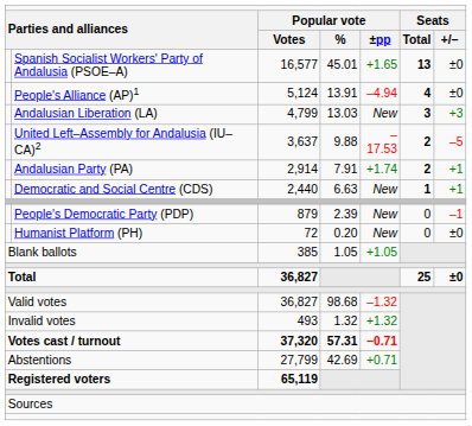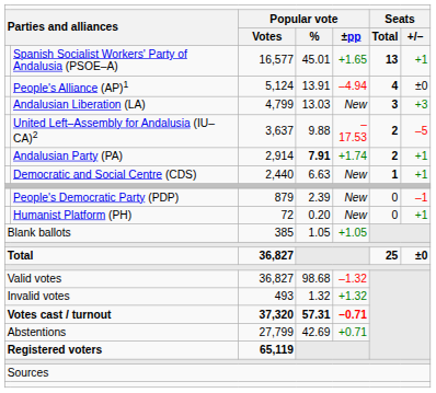 <table class="wikitable" style="text-align:right;">
 <tr>
 <td colspan="7"></td>
 </tr>
 <tr>
 <th style="text-align:left;" rowspan="2" colspan="2" width="525">Parties and alliances</th>
 <th colspan="3">Popular vote</th>
 <th colspan="2">Seats</th>
 </tr>
 <tr>
 <th width="75">Votes</th>
 <th width="45">%</th>
 <th width="45">±<a href='#'>pp</a></th>
 <th width="35">Total</th>
 <th width="35">+/−</th>
 </tr>
 <tr>
 <td width="1" style="color:inherit;background:"></td>
 <td align="left"><a href='#'>Spanish Socialist Workers' Party of Andalusia</a> (PSOE–A)</td>
 <td>16,577</td>
 <td>45.01</td>
 <td style="color:green;">+1.65</td>
 <td><strong>13</strong></td>
-<td>±0</td>
+<td style="color:green;">+1</td>
 </tr>
 <tr>
 <td style="color:inherit;background:"></td>
 <td align="left"><a href='#'>People's Alliance</a> (AP)<sup>1</sup></td>
 <td>5,124</td>
 <td>13.91</td>
 <td style="color:red;">–4.94</td>
 <td><strong>4</strong></td>
 <td>±0</td>
 </tr>
 <tr>
 <td style="color:inherit;background:"></td>
 <td align="left"><a href='#'>Andalusian Liberation</a> (LA)</td>
 <td>4,799</td>
 <td>13.03</td>
 <td><em>New</em></td>
 <td><strong>3</strong></td>
 <td style="color:green;">+3</td>
 </tr>
 <tr>
 <td style="color:inherit;background:"></td>
 <td align="left"><a href='#'>United Left–Assembly for Andalusia</a> (IU–CA)<sup>2</sup></td>
 <td>3,637</td>
 <td>9.88</td>
 <td style="color:red;">–17.53</td>
 <td><strong>2</strong></td>
 <td style="color:red;">–5</td>
 </tr>
 <tr>
 <td style="color:inherit;background:"></td>
 <td align="left"><a href='#'>Andalusian Party</a> (PA)</td>
 <td>2,914</td>
-<td>7.91</td>
+<td><strong>7.91</strong></td>
 <td style="color:green;">+1.74</td>
 <td><strong>2</strong></td>
 <td style="color:green;">+1</td>
 </tr>
 <tr>
 <td style="color:inherit;background:"></td>
 <td align="left"><a href='#'>Democratic and Social Centre</a> (CDS)</td>
 <td>2,440</td>
 <td>6.63</td>
 <td><em>New</em></td>
 <td><strong>1</strong></td>
 <td style="color:green;">+1</td>
 </tr>
 <tr>
 <td colspan="7" bgcolor="#C0C0C0"></td>
 </tr>
 <tr>
 <td style="color:inherit;background:"></td>
 <td align="left"><a href='#'>People's Democratic Party</a> (PDP)</td>
 <td>879</td>
 <td>2.39</td>
 <td><em>New</em></td>
 <td>0</td>
 <td style="color:red;">–1</td>
 </tr>
 <tr>
 <td style="color:inherit;background:"></td>
 <td align="left"><a href='#'>Humanist Platform</a> (PH)</td>
 <td>72</td>
 <td>0.20</td>
 <td><em>New</em></td>
 <td>0</td>
-<td>±0</td>
+<td style="color:green;">+1</td>
 </tr>
 <tr>
 <td align="left" colspan="2">Blank ballots</td>
 <td>385</td>
 <td>1.05</td>
 <td style="color:green;">+1.05</td>
 <td bgcolor="#E9E9E9" colspan="2"></td>
 </tr>
 <tr>
 <td colspan="7" bgcolor="#E9E9E9"></td>
 </tr>
 <tr style="font-weight:bold;">
 <td align="left" colspan="2">Total</td>
 <td>36,827</td>
 <td bgcolor="#E9E9E9" colspan="2"></td>
 <td>25</td>
 <td>±0</td>
 </tr>
 <tr>
 <td colspan="7" bgcolor="#E9E9E9"></td>
 </tr>
 <tr>
 <td align="left" colspan="2">Valid votes</td>
 <td>36,827</td>
 <td>98.68</td>
 <td style="color:red;">–1.32</td>
 <td bgcolor="#E9E9E9" colspan="2" rowspan="5"></td>
 </tr>
 <tr>
 <td align="left" colspan="2">Invalid votes</td>
 <td>493</td>
 <td>1.32</td>
 <td style="color:green;">+1.32</td>
 </tr>
 <tr style="font-weight:bold;">
 <td align="left" colspan="2">Votes cast / turnout</td>
 <td>37,320</td>
 <td>57.31</td>
 <td style="color:red;">–0.71</td>
 </tr>
 <tr>
 <td align="left" colspan="2">Abstentions</td>
 <td>27,799</td>
 <td>42.69</td>
 <td style="color:green;">+0.71</td>
 </tr>
 <tr style="font-weight:bold;">
 <td align="left" colspan="2">Registered voters</td>
 <td>65,119</td>
 <td bgcolor="#E9E9E9" colspan="2"></td>
 </tr>
 <tr>
 <td colspan="7" bgcolor="#E9E9E9"></td>
 </tr>
 <tr>
 <td align="left" colspan="7">Sources</td>
 </tr>
 <tr>
 <td colspan="7" style="text-align:left; max-width:790px;"></td>
 </tr>
 </table>
